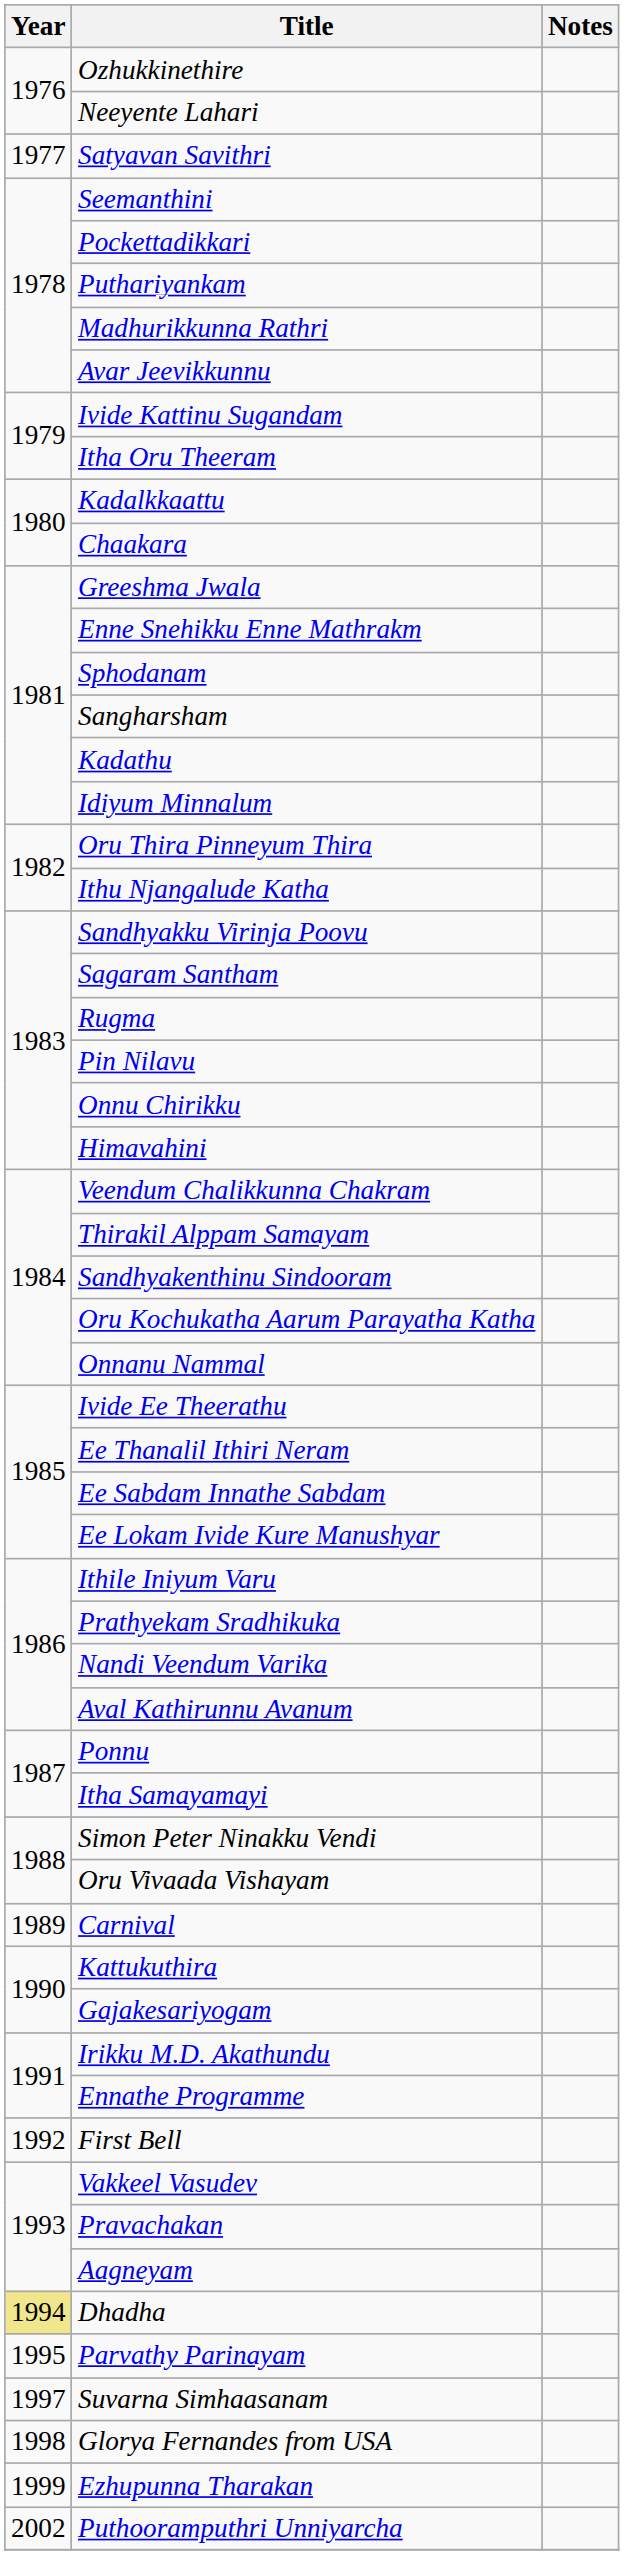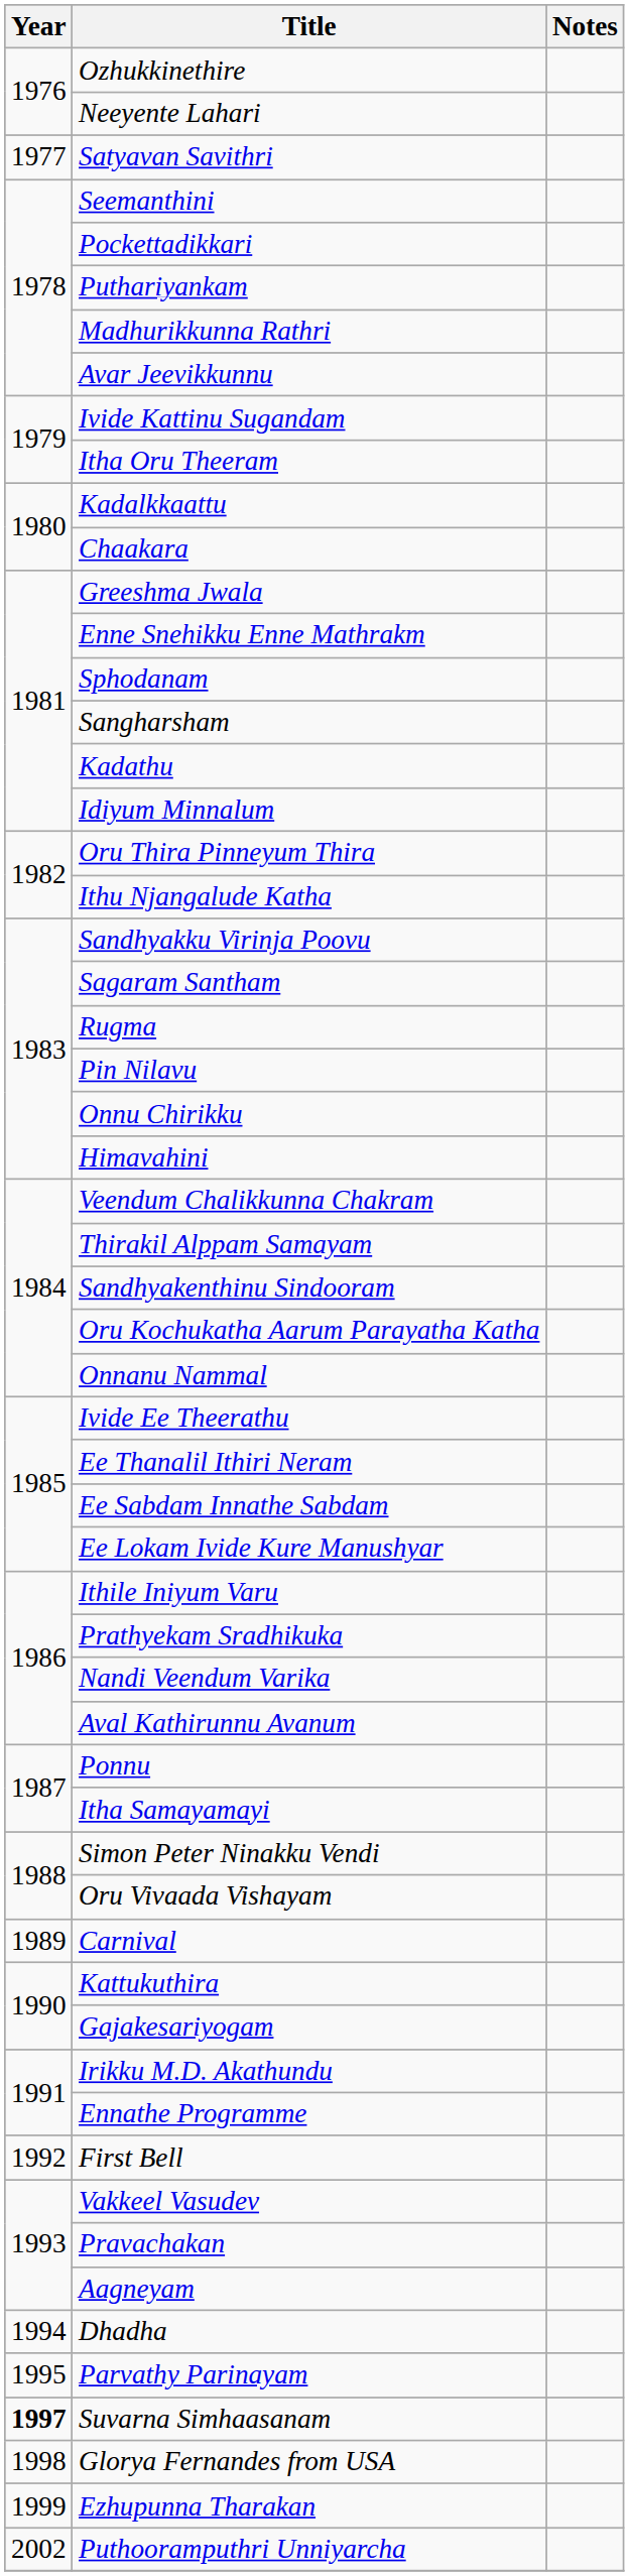 <table class="wikitable sortable">
 <tr>
 <th>Year</th>
 <th>Title</th>
 <th class="unsortable">Notes</th>
 </tr>
 <tr>
 <td rowspan=2>1976</td>
 <td><em>Ozhukkinethire</em></td>
 <td></td>
 </tr>
 <tr>
 <td><em>Neeyente Lahari</em></td>
 <td></td>
 </tr>
 <tr>
 <td>1977</td>
 <td><em><a href='#'>Satyavan Savithri</a></em></td>
 <td></td>
 </tr>
 <tr>
 <td rowspan=5>1978</td>
 <td><em><a href='#'>Seemanthini</a></em></td>
 <td></td>
 </tr>
 <tr>
 <td><em><a href='#'>Pockettadikkari</a></em></td>
 <td></td>
 </tr>
 <tr>
 <td><em><a href='#'>Puthariyankam</a></em></td>
 <td></td>
 </tr>
 <tr>
 <td><em><a href='#'>Madhurikkunna Rathri</a></em></td>
 <td></td>
 </tr>
 <tr>
 <td><em><a href='#'>Avar Jeevikkunnu</a></em></td>
 <td></td>
 </tr>
 <tr>
 <td rowspan=2>1979</td>
 <td><em><a href='#'>Ivide Kattinu Sugandam</a></em></td>
 <td></td>
 </tr>
 <tr>
 <td><em><a href='#'>Itha Oru Theeram</a></em></td>
 <td></td>
 </tr>
 <tr>
 <td rowspan=2>1980</td>
 <td><em><a href='#'>Kadalkkaattu</a></em></td>
 <td></td>
 </tr>
 <tr>
 <td><em><a href='#'>Chaakara</a></em></td>
 <td></td>
 </tr>
 <tr>
 <td rowspan=6>1981</td>
 <td><em><a href='#'>Greeshma Jwala</a></em></td>
 <td></td>
 </tr>
 <tr>
 <td><em><a href='#'>Enne Snehikku Enne Mathrakm</a></em></td>
 <td></td>
 </tr>
 <tr>
 <td><em><a href='#'>Sphodanam</a></em></td>
 <td></td>
 </tr>
 <tr>
 <td><em>Sangharsham</em></td>
 <td></td>
 </tr>
 <tr>
 <td><em><a href='#'>Kadathu</a></em></td>
 <td></td>
 </tr>
 <tr>
 <td><em><a href='#'>Idiyum Minnalum</a></em></td>
 <td></td>
 </tr>
 <tr>
 <td rowspan=2>1982</td>
 <td><em><a href='#'>Oru Thira Pinneyum Thira</a></em></td>
 <td></td>
 </tr>
 <tr>
 <td><em><a href='#'>Ithu Njangalude Katha</a></em></td>
 <td></td>
 </tr>
 <tr>
 <td rowspan=6>1983</td>
 <td><em><a href='#'>Sandhyakku Virinja Poovu</a></em></td>
 <td></td>
 </tr>
 <tr>
 <td><em><a href='#'>Sagaram Santham</a></em></td>
 <td></td>
 </tr>
 <tr>
 <td><em><a href='#'>Rugma</a></em></td>
 <td></td>
 </tr>
 <tr>
 <td><em><a href='#'>Pin Nilavu</a></em></td>
 <td></td>
 </tr>
 <tr>
 <td><em><a href='#'>Onnu Chirikku</a></em></td>
 <td></td>
 </tr>
 <tr>
 <td><em><a href='#'>Himavahini</a></em></td>
 <td></td>
 </tr>
 <tr>
 <td rowspan=5>1984</td>
 <td><em><a href='#'>Veendum Chalikkunna Chakram</a></em></td>
 <td></td>
 </tr>
 <tr>
 <td><em><a href='#'>Thirakil Alppam Samayam</a></em></td>
 <td></td>
 </tr>
 <tr>
 <td><em><a href='#'>Sandhyakenthinu Sindooram</a></em></td>
 <td></td>
 </tr>
 <tr>
 <td><em><a href='#'>Oru Kochukatha Aarum Parayatha Katha</a></em></td>
 <td></td>
 </tr>
 <tr>
 <td><em><a href='#'>Onnanu Nammal</a></em></td>
 <td></td>
 </tr>
 <tr>
 <td rowspan=4>1985</td>
 <td><em><a href='#'>Ivide Ee Theerathu</a></em></td>
 <td></td>
 </tr>
 <tr>
 <td><em><a href='#'>Ee Thanalil Ithiri Neram</a></em></td>
 <td></td>
 </tr>
 <tr>
 <td><em><a href='#'>Ee Sabdam Innathe Sabdam</a></em></td>
 <td></td>
 </tr>
 <tr>
 <td><em><a href='#'>Ee Lokam Ivide Kure Manushyar</a></em></td>
 <td></td>
 </tr>
 <tr>
 <td rowspan=4>1986</td>
 <td><em><a href='#'>Ithile Iniyum Varu</a></em></td>
 <td></td>
 </tr>
 <tr>
 <td><em><a href='#'>Prathyekam Sradhikuka</a></em></td>
 <td></td>
 </tr>
 <tr>
 <td><em><a href='#'>Nandi Veendum Varika</a></em></td>
 <td></td>
 </tr>
 <tr>
 <td><em><a href='#'>Aval Kathirunnu Avanum</a></em></td>
 <td></td>
 </tr>
 <tr>
 <td rowspan=2>1987</td>
 <td><em><a href='#'>Ponnu</a></em></td>
 <td></td>
 </tr>
 <tr>
 <td><em><a href='#'>Itha Samayamayi</a></em></td>
 <td></td>
 </tr>
 <tr>
 <td rowspan=2>1988</td>
 <td><em>Simon Peter Ninakku Vendi</em></td>
 <td></td>
 </tr>
 <tr>
 <td><em>Oru Vivaada Vishayam</em></td>
 <td></td>
 </tr>
 <tr>
 <td>1989</td>
 <td><em><a href='#'>Carnival</a></em></td>
 <td></td>
 </tr>
 <tr>
 <td rowspan=2>1990</td>
 <td><em><a href='#'>Kattukuthira</a></em></td>
 <td></td>
 </tr>
 <tr>
 <td><em><a href='#'>Gajakesariyogam</a></em></td>
 <td></td>
 </tr>
 <tr>
 <td rowspan=2>1991</td>
 <td><em><a href='#'>Irikku M.D. Akathundu</a></em></td>
 <td></td>
 </tr>
 <tr>
 <td><em><a href='#'>Ennathe Programme</a></em></td>
 <td></td>
 </tr>
 <tr>
 <td>1992</td>
 <td><em>First Bell</em></td>
 <td></td>
 </tr>
 <tr>
 <td rowspan=3>1993</td>
 <td><em><a href='#'>Vakkeel Vasudev</a></em></td>
 <td></td>
 </tr>
 <tr>
 <td><em><a href='#'>Pravachakan</a></em></td>
 <td></td>
 </tr>
 <tr>
 <td><em><a href='#'>Aagneyam</a></em></td>
 <td></td>
 </tr>
 <tr>
-<td style="background: khaki;">1994</td>
+<td>1994</td>
 <td><em>Dhadha</em></td>
 <td></td>
 </tr>
 <tr>
 <td>1995</td>
 <td><em><a href='#'>Parvathy Parinayam</a></em></td>
 <td></td>
 </tr>
 <tr>
-<td>1997</td>
+<td><strong>1997</strong></td>
 <td><em>Suvarna Simhaasanam</em></td>
 <td></td>
 </tr>
 <tr>
 <td>1998</td>
 <td><em>Glorya Fernandes from USA</em></td>
 <td></td>
 </tr>
 <tr>
 <td>1999</td>
 <td><em><a href='#'>Ezhupunna Tharakan</a></em></td>
 <td></td>
 </tr>
 <tr>
 <td>2002</td>
 <td><em><a href='#'>Puthooramputhri Unniyarcha</a></em></td>
 <td></td>
 </tr>
 <tr>
 </tr>
 </table>
